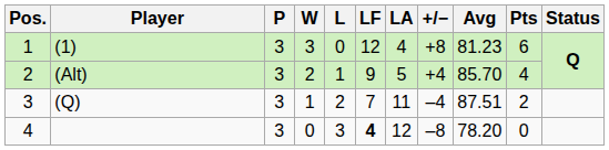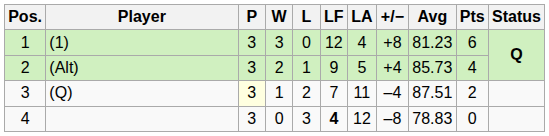 <table class="wikitable" style="text-align:center; margin: 1em auto 1em auto, align:left">
 <tr>
 <th width=20>Pos.</th>
 <th width=185>Player</th>
 <th width=20>P</th>
 <th width=20>W</th>
 <th width=20>L</th>
 <th width=20>LF</th>
 <th width=20>LA</th>
 <th width=25>+/−</th>
 <th width=30>Avg</th>
 <th width=20>Pts</th>
 <th width=40>Status</th>
 </tr>
 <tr style="background:#D0F0C0;">
 <td>1</td>
 <td align=left> (1)</td>
 <td>3</td>
 <td>3</td>
 <td>0</td>
 <td>12</td>
 <td>4</td>
 <td>+8</td>
 <td>81.23</td>
 <td>6</td>
 <td rowspan=2><strong>Q</strong></td>
 </tr>
 <tr style="background:#D0F0C0;">
 <td>2</td>
 <td align=left> (Alt)</td>
 <td>3</td>
 <td>2</td>
 <td>1</td>
 <td>9</td>
 <td>5</td>
 <td>+4</td>
-<td>85.70</td>
+<td>85.73</td>
 <td>4</td>
 </tr>
 <tr>
 <td>3</td>
 <td align=left> (Q)</td>
-<td>3</td>
+<td style="background: lightyellow;">3</td>
 <td>1</td>
 <td>2</td>
 <td>7</td>
 <td>11</td>
 <td>–4</td>
 <td>87.51</td>
 <td>2</td>
 <td></td>
 </tr>
 <tr>
 <td>4</td>
 <td align=left></td>
 <td>3</td>
 <td>0</td>
 <td>3</td>
 <td><strong>4</strong></td>
 <td>12</td>
 <td>–8</td>
-<td>78.20</td>
+<td>78.83</td>
 <td>0</td>
 <td></td>
 </tr>
 </table>
